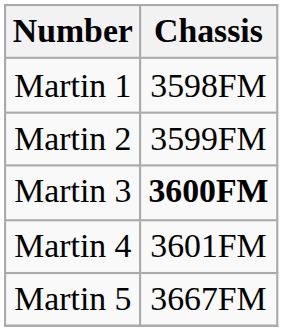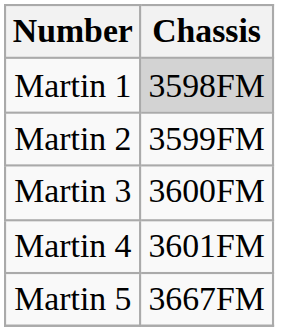 <table class="wikitable" style="text-align:center">
 <tr>
 <th>Number</th>
 <th>Chassis</th>
 </tr>
 <tr>
 <td>Martin 1</td>
-<td>3598FM</td>
+<td style="background: lightgrey;">3598FM</td>
 </tr>
 <tr>
 <td>Martin 2</td>
 <td>3599FM</td>
 </tr>
 <tr>
 <td>Martin 3</td>
-<td><strong>3600FM</strong></td>
+<td>3600FM</td>
 </tr>
 <tr>
 <td>Martin 4</td>
 <td>3601FM</td>
 </tr>
 <tr>
 <td>Martin 5</td>
 <td>3667FM</td>
 </tr>
 <tr>
 </tr>
 </table>
